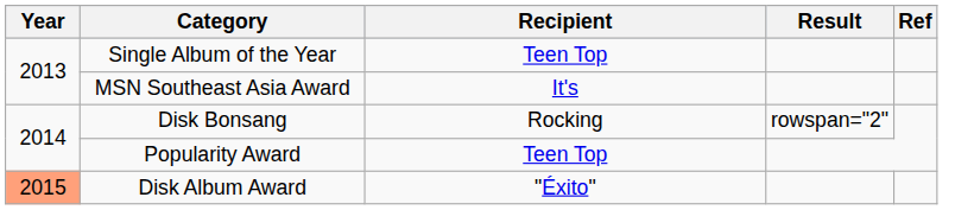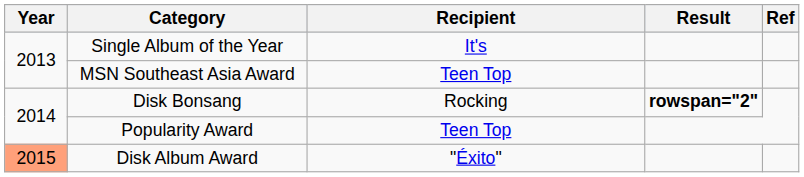 <table class="wikitable">
 <tr style="background:#B0C4DE;">
 <th style="width:50px;">Year</th>
 <th style="width:210px;">Category</th>
 <th style="width:300px;">Recipient</th>
 <th style="width:80px;">Result</th>
 <th>Ref</th>
 </tr>
 <tr>
 <td align="center" rowspan="2">2013</td>
 <td align="center">Single Album of the Year</td>
-<td align="center"><a href='#'>Teen Top</a></td>
+<td align="center"><a href='#'>It's</a></td>
 <td></td>
 <td align="center"></td>
 </tr>
 <tr>
 <td align="center">MSN Southeast Asia Award</td>
-<td align="center"><a href='#'>It's</a></td>
+<td align="center"><a href='#'>Teen Top</a></td>
 <td></td>
 <td align="center"></td>
 </tr>
 <tr>
 <td align="center" rowspan="2">2014</td>
 <td align="center">Disk Bonsang</td>
 <td align="center">Rocking</td>
-<td>rowspan="2" </td>
+<td><strong>rowspan="2" </strong></td>
 </tr>
 <tr>
 <td align="center">Popularity Award</td>
 <td align="center"><a href='#'>Teen Top</a></td>
 </tr>
 <tr>
 <td align="center" rowspan="1" style="background: lightsalmon;">2015</td>
 <td align="center">Disk Album Award</td>
 <td align="center">"<a href='#'>Éxito</a>"</td>
 <td></td>
 <td rowspan="1"></td>
 </tr>
 </table>
